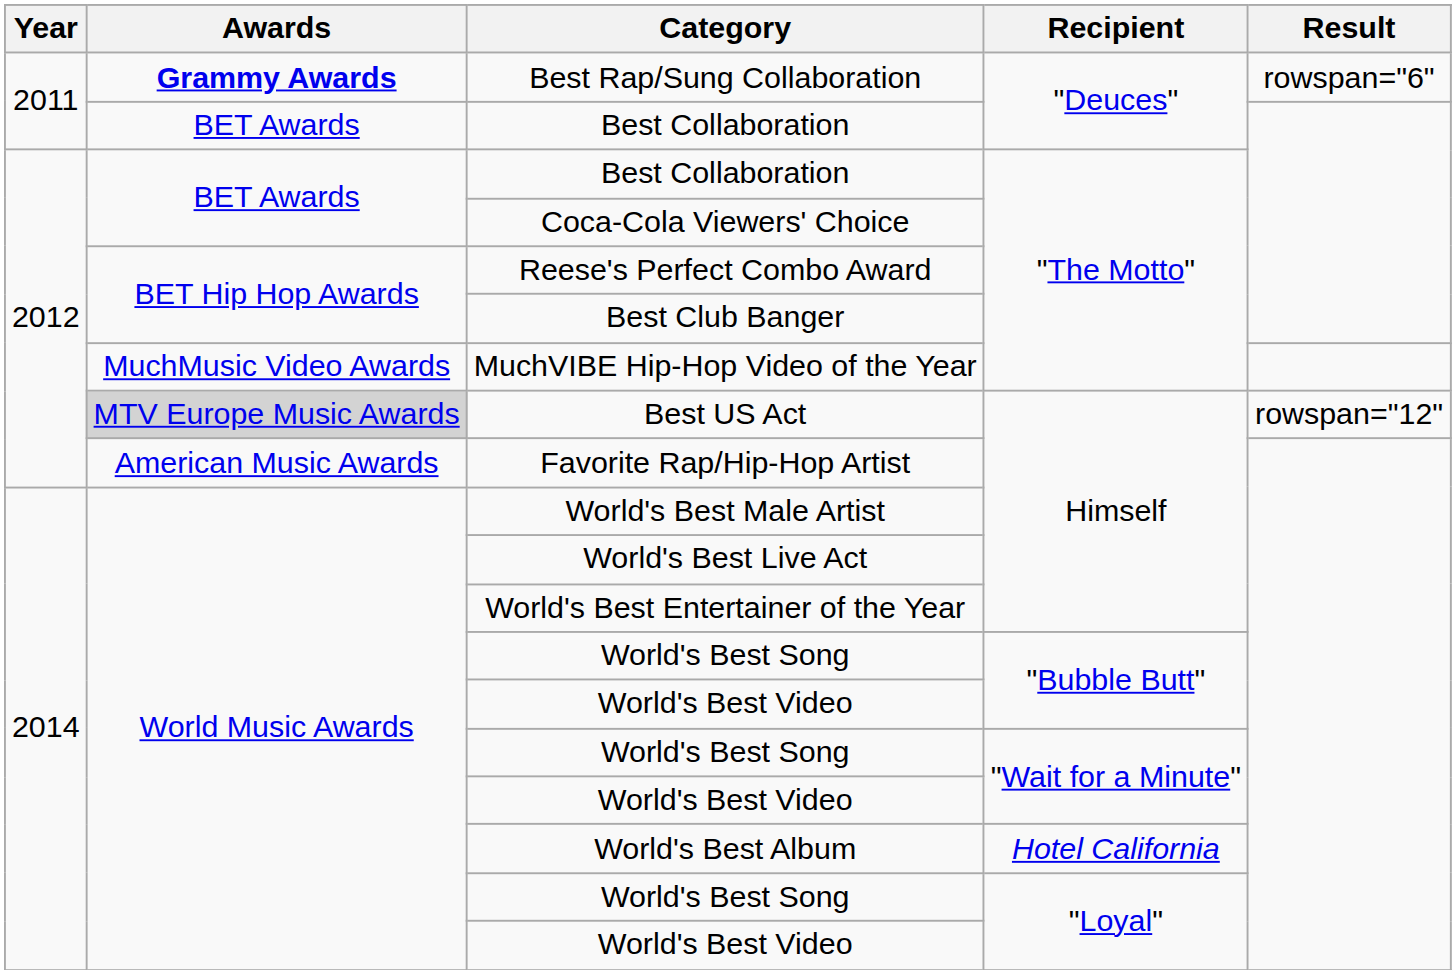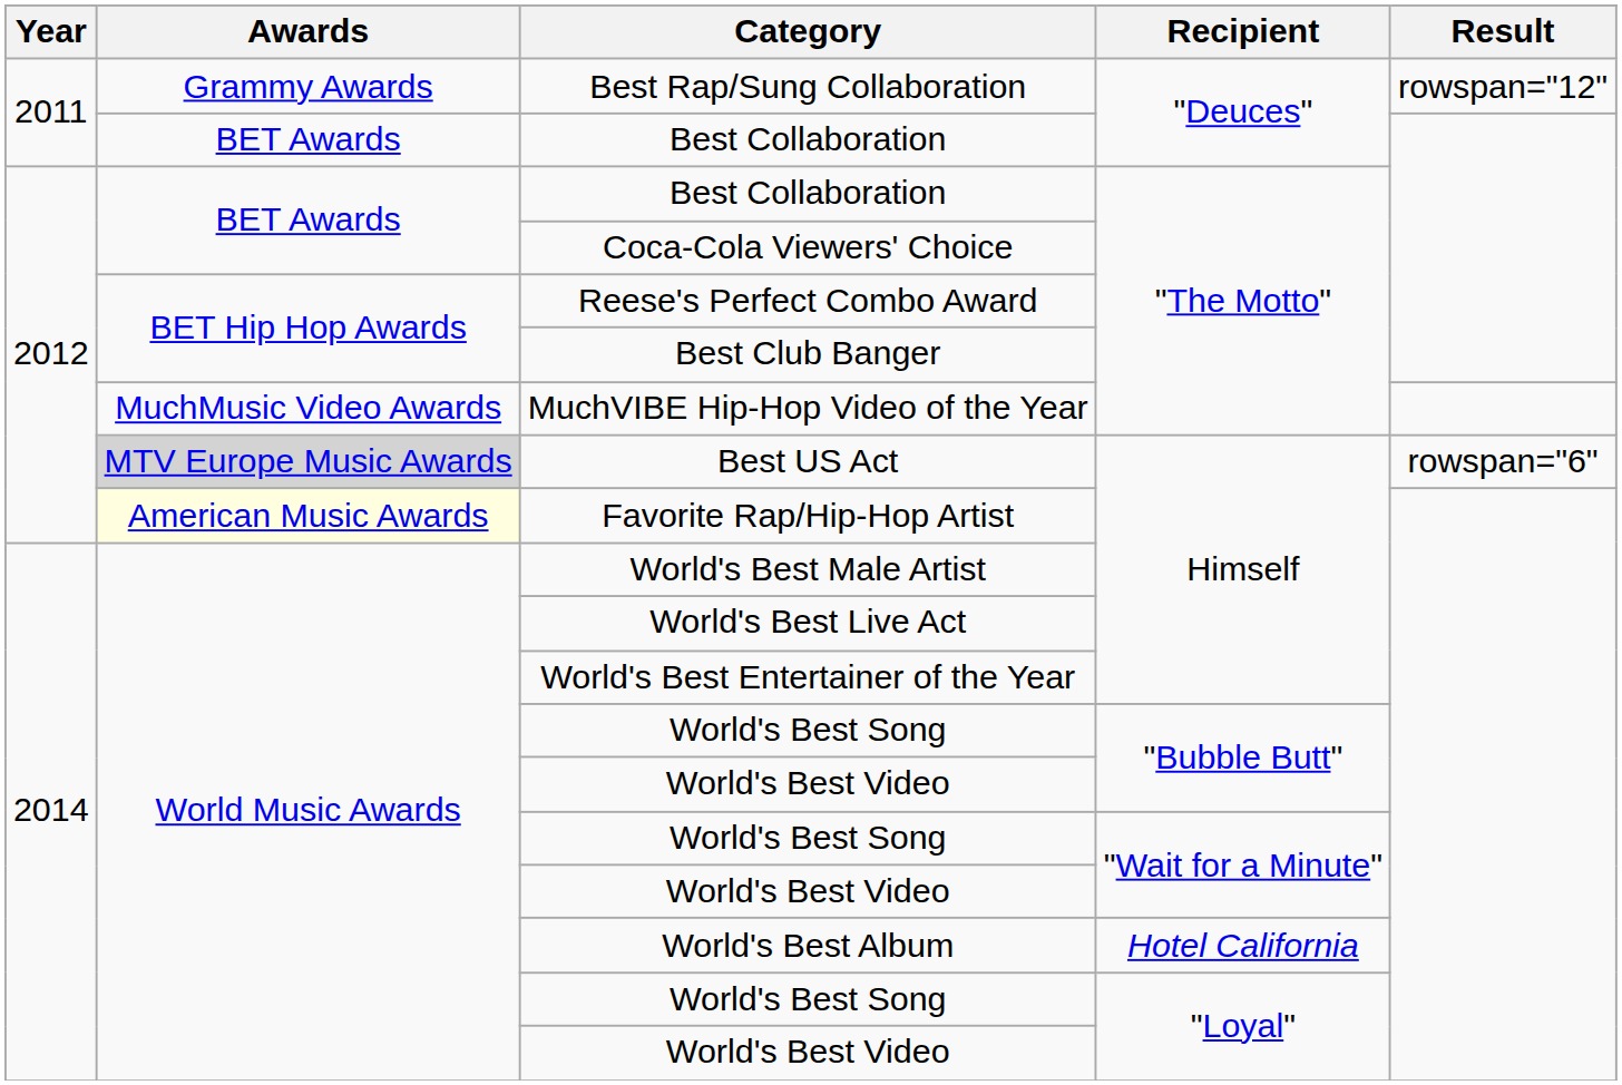 <table class="wikitable plainrowheaders" style="text-align:center;">
 <tr>
 <th>Year</th>
 <th>Awards</th>
 <th>Category</th>
 <th>Recipient</th>
 <th>Result</th>
 </tr>
 <tr>
 <td rowspan="2">2011</td>
-<td><strong><a href='#'>Grammy Awards</a></strong></td>
+<td><a href='#'>Grammy Awards</a></td>
 <td>Best Rap/Sung Collaboration</td>
 <td rowspan="2">"<a href='#'>Deuces</a>" </td>
-<td>rowspan="6" </td>
+<td>rowspan="12"  </td>
 </tr>
 <tr>
 <td><a href='#'>BET Awards</a></td>
 <td>Best Collaboration</td>
 </tr>
 <tr>
 <td rowspan="7">2012</td>
 <td rowspan="2"><a href='#'>BET Awards</a></td>
 <td>Best Collaboration</td>
 <td rowspan="5">"<a href='#'>The Motto</a>" </td>
 </tr>
 <tr>
 <td>Coca-Cola Viewers' Choice</td>
 </tr>
 <tr>
 <td rowspan="2"><a href='#'>BET Hip Hop Awards</a></td>
 <td>Reese's Perfect Combo Award</td>
 </tr>
 <tr>
 <td>Best Club Banger</td>
 </tr>
 <tr>
 <td><a href='#'>MuchMusic Video Awards</a></td>
 <td>MuchVIBE Hip-Hop Video of the Year</td>
 <td></td>
 </tr>
 <tr>
 <td style="background: lightgrey;"><a href='#'>MTV Europe Music Awards</a></td>
 <td>Best US Act</td>
 <td rowspan="5">Himself</td>
-<td>rowspan="12"  </td>
+<td>rowspan="6" </td>
 </tr>
 <tr>
-<td><a href='#'>American Music Awards</a></td>
+<td style="background: lightyellow;"><a href='#'>American Music Awards</a></td>
 <td>Favorite Rap/Hip-Hop Artist</td>
 </tr>
 <tr>
 <td rowspan="10">2014</td>
 <td rowspan="10"><a href='#'>World Music Awards</a></td>
 <td>World's Best Male Artist</td>
 </tr>
 <tr>
 <td>World's Best Live Act</td>
 </tr>
 <tr>
 <td>World's Best Entertainer of the Year</td>
 </tr>
 <tr>
 <td>World's Best Song</td>
 <td rowspan="2">"<a href='#'>Bubble Butt</a>" </td>
 </tr>
 <tr>
 <td>World's Best Video</td>
 </tr>
 <tr>
 <td>World's Best Song</td>
 <td rowspan="2">"<a href='#'>Wait for a Minute</a>" </td>
 </tr>
 <tr>
 <td>World's Best Video</td>
 </tr>
 <tr>
 <td>World's Best Album</td>
 <td><em><a href='#'>Hotel California</a></em></td>
 </tr>
 <tr>
 <td>World's Best Song</td>
 <td rowspan="2">"<a href='#'>Loyal</a>" </td>
 </tr>
 <tr>
 <td>World's Best Video</td>
 </tr>
 </table>
